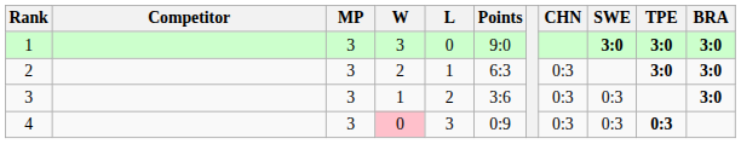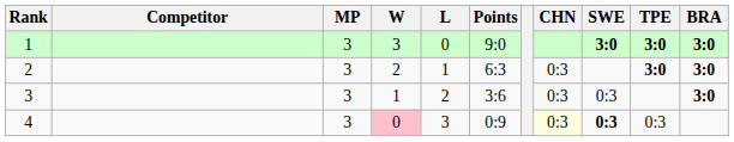 <table class="wikitable" style="text-align:center">
 <tr>
 <th>Rank</th>
 <th style="width:16em">Competitor</th>
 <th style="width:2.5em">MP</th>
 <th style="width:2.5em">W</th>
 <th style="width:2.5em">L</th>
 <th>Points</th>
 <th rowspan="5"> </th>
 <th style="width:2.5em">CHN</th>
 <th style="width:2.5em">SWE</th>
 <th style="width:2.5em">TPE</th>
 <th style="width:2.5em">BRA</th>
 </tr>
 <tr style="background:#cfc;">
 <td>1</td>
 <td style="text-align:left"></td>
 <td>3</td>
 <td>3</td>
 <td>0</td>
 <td>9:0</td>
 <td></td>
 <td><strong>3:0</strong></td>
 <td><strong>3:0</strong></td>
 <td><strong>3:0</strong></td>
 </tr>
 <tr>
 <td>2</td>
 <td style="text-align:left"></td>
 <td>3</td>
 <td>2</td>
 <td>1</td>
 <td>6:3</td>
 <td>0:3</td>
 <td></td>
 <td><strong>3:0</strong></td>
 <td><strong>3:0</strong></td>
 </tr>
 <tr>
 <td>3</td>
 <td style="text-align:left"></td>
 <td>3</td>
 <td>1</td>
 <td>2</td>
 <td>3:6</td>
 <td>0:3</td>
 <td>0:3</td>
 <td></td>
 <td><strong>3:0</strong></td>
 </tr>
 <tr>
 <td>4</td>
 <td style="text-align:left"></td>
 <td>3</td>
 <td style="background: pink;">0</td>
 <td>3</td>
 <td>0:9</td>
+<td style="background: lightyellow;">0:3</td>
+<td><strong>0:3</strong></td>
 <td>0:3</td>
-<td>0:3</td>
-<td><strong>0:3</strong></td>
 <td></td>
 </tr>
 </table>
